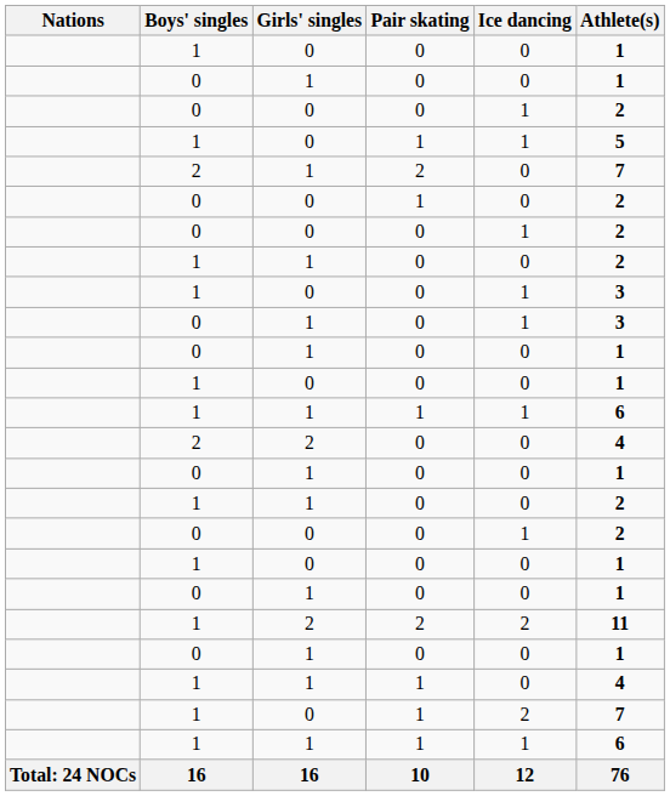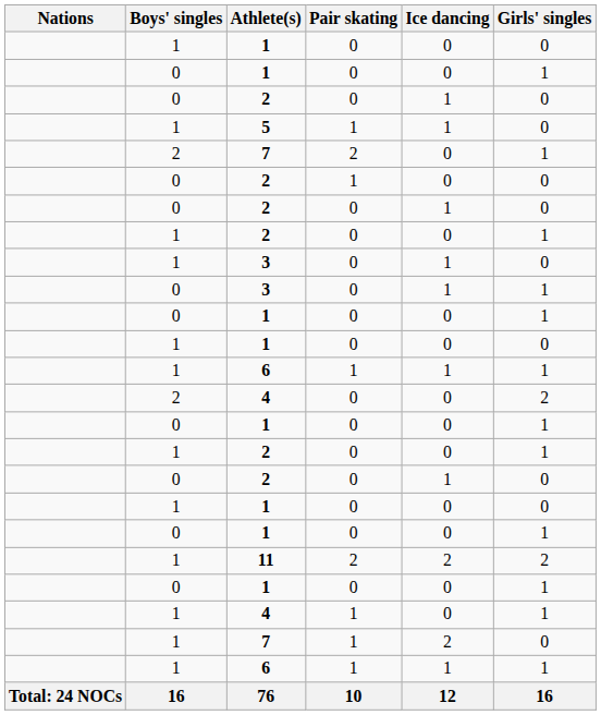 <table class="wikitable sortable" style="text-align:center;">
 <tr>
 <th>Nations</th>
 <th>Boys' singles</th>
-<th>Girls' singles</th>
+<th>Athlete(s)</th>
 <th>Pair skating</th>
 <th>Ice dancing</th>
-<th>Athlete(s)</th>
+<th>Girls' singles</th>
 </tr>
 <tr>
 <td align="left"></td>
 <td>1</td>
+<td><strong>1</strong></td>
 <td>0</td>
 <td>0</td>
 <td>0</td>
-<td><strong>1</strong></td>
 </tr>
 <tr>
 <td align="left"></td>
 <td>0</td>
-<td>1</td>
+<td><strong>1</strong></td>
 <td>0</td>
 <td>0</td>
-<td><strong>1</strong></td>
+<td>1</td>
 </tr>
 <tr>
 <td align="left"></td>
 <td>0</td>
-<td>0</td>
+<td><strong>2</strong></td>
 <td>0</td>
 <td>1</td>
-<td><strong>2</strong></td>
+<td>0</td>
 </tr>
 <tr>
 <td align="left"></td>
 <td>1</td>
-<td>0</td>
+<td><strong>5</strong></td>
 <td>1</td>
 <td>1</td>
-<td><strong>5</strong></td>
+<td>0</td>
 </tr>
 <tr>
 <td align="left"></td>
 <td>2</td>
-<td>1</td>
+<td><strong>7</strong></td>
 <td>2</td>
 <td>0</td>
-<td><strong>7</strong></td>
+<td>1</td>
 </tr>
 <tr>
 <td align="left"></td>
 <td>0</td>
-<td>0</td>
+<td><strong>2</strong></td>
 <td>1</td>
 <td>0</td>
-<td><strong>2</strong></td>
+<td>0</td>
 </tr>
 <tr>
 <td align="left"></td>
 <td>0</td>
-<td>0</td>
+<td><strong>2</strong></td>
 <td>0</td>
 <td>1</td>
-<td><strong>2</strong></td>
+<td>0</td>
 </tr>
 <tr>
 <td align="left"></td>
 <td>1</td>
-<td>1</td>
+<td><strong>2</strong></td>
 <td>0</td>
 <td>0</td>
-<td><strong>2</strong></td>
+<td>1</td>
 </tr>
 <tr>
 <td align="left"></td>
 <td>1</td>
-<td>0</td>
+<td><strong>3</strong></td>
 <td>0</td>
 <td>1</td>
-<td><strong>3</strong></td>
+<td>0</td>
 </tr>
 <tr>
 <td align="left"></td>
 <td>0</td>
-<td>1</td>
+<td><strong>3</strong></td>
 <td>0</td>
 <td>1</td>
-<td><strong>3</strong></td>
+<td>1</td>
 </tr>
 <tr>
 <td align="left"></td>
 <td>0</td>
-<td>1</td>
+<td><strong>1</strong></td>
 <td>0</td>
 <td>0</td>
-<td><strong>1</strong></td>
+<td>1</td>
 </tr>
 <tr>
 <td align="left"></td>
 <td>1</td>
+<td><strong>1</strong></td>
 <td>0</td>
 <td>0</td>
 <td>0</td>
-<td><strong>1</strong></td>
 </tr>
 <tr>
 <td align="left"></td>
 <td>1</td>
+<td><strong>6</strong></td>
 <td>1</td>
 <td>1</td>
 <td>1</td>
-<td><strong>6</strong></td>
 </tr>
 <tr>
 <td align="left"></td>
 <td>2</td>
-<td>2</td>
+<td><strong>4</strong></td>
 <td>0</td>
 <td>0</td>
-<td><strong>4</strong></td>
+<td>2</td>
 </tr>
 <tr>
 <td align="left"></td>
 <td>0</td>
-<td>1</td>
+<td><strong>1</strong></td>
 <td>0</td>
 <td>0</td>
-<td><strong>1</strong></td>
+<td>1</td>
 </tr>
 <tr>
 <td align="left"></td>
 <td>1</td>
-<td>1</td>
+<td><strong>2</strong></td>
 <td>0</td>
 <td>0</td>
-<td><strong>2</strong></td>
+<td>1</td>
 </tr>
 <tr>
 <td align="left"></td>
 <td>0</td>
-<td>0</td>
+<td><strong>2</strong></td>
 <td>0</td>
 <td>1</td>
-<td><strong>2</strong></td>
+<td>0</td>
 </tr>
 <tr>
 <td align="left"></td>
 <td>1</td>
+<td><strong>1</strong></td>
 <td>0</td>
 <td>0</td>
 <td>0</td>
-<td><strong>1</strong></td>
 </tr>
 <tr>
 <td align="left"></td>
 <td>0</td>
-<td>1</td>
+<td><strong>1</strong></td>
 <td>0</td>
 <td>0</td>
-<td><strong>1</strong></td>
+<td>1</td>
 </tr>
 <tr>
 <td align="left"></td>
 <td>1</td>
+<td><strong>11</strong></td>
 <td>2</td>
 <td>2</td>
 <td>2</td>
-<td><strong>11</strong></td>
 </tr>
 <tr>
 <td align="left"></td>
 <td>0</td>
-<td>1</td>
+<td><strong>1</strong></td>
 <td>0</td>
 <td>0</td>
-<td><strong>1</strong></td>
+<td>1</td>
 </tr>
 <tr>
 <td align="left"></td>
 <td>1</td>
-<td>1</td>
+<td><strong>4</strong></td>
 <td>1</td>
 <td>0</td>
-<td><strong>4</strong></td>
+<td>1</td>
 </tr>
 <tr>
 <td align="left"></td>
 <td>1</td>
-<td>0</td>
+<td><strong>7</strong></td>
 <td>1</td>
 <td>2</td>
-<td><strong>7</strong></td>
+<td>0</td>
 </tr>
 <tr>
 <td align="left"></td>
 <td>1</td>
+<td><strong>6</strong></td>
 <td>1</td>
 <td>1</td>
 <td>1</td>
-<td><strong>6</strong></td>
 </tr>
 <tr class="sortbottom">
 <th>Total: 24 NOCs</th>
 <th>16</th>
-<th>16</th>
+<th>76</th>
 <th>10</th>
 <th>12</th>
-<th>76</th>
+<th>16</th>
 </tr>
 </table>
